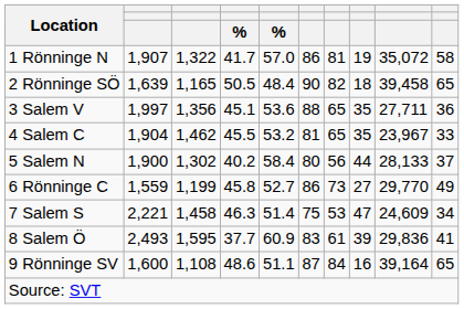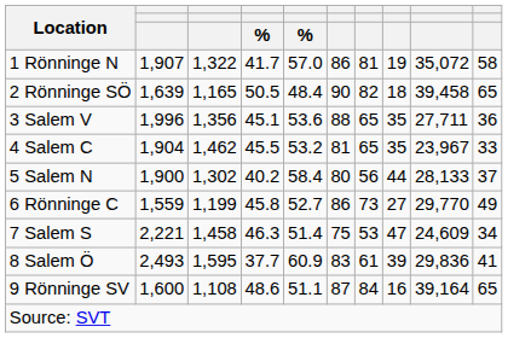 <table role="presentation" class="wikitable sortable mw-collapsible">
 <tr>
 <th rowspan="3">Location</th>
 <th></th>
 <th></th>
 <th></th>
 <th></th>
 <th></th>
 <th></th>
 <th></th>
 <th></th>
 <th></th>
 </tr>
 <tr>
 <th></th>
 <th></th>
 <th style="background:"></th>
 <th style="background:"></th>
 <th></th>
 <th></th>
 <th></th>
 <th></th>
 <th></th>
 </tr>
 <tr>
 <th data-sort-type="number"></th>
 <th data-sort-type="number"></th>
 <th data-sort-type="number">%</th>
 <th data-sort-type="number">%</th>
 <th data-sort-type="number"></th>
 <th data-sort-type="number"></th>
 <th data-sort-type="number"></th>
 <th data-sort-type="number"></th>
 <th data-sort-type="number"></th>
 </tr>
 <tr>
 <td align="left">1 Rönninge N</td>
 <td>1,907</td>
 <td>1,322</td>
 <td>41.7</td>
 <td>57.0</td>
 <td>86</td>
 <td>81</td>
 <td>19</td>
 <td>35,072</td>
 <td>58</td>
 </tr>
 <tr>
 <td align="left">2 Rönninge SÖ</td>
 <td>1,639</td>
 <td>1,165</td>
 <td>50.5</td>
 <td>48.4</td>
 <td>90</td>
 <td>82</td>
 <td>18</td>
 <td>39,458</td>
 <td>65</td>
 </tr>
 <tr>
 <td align="left">3 Salem V</td>
-<td>1,997</td>
+<td>1,996</td>
 <td>1,356</td>
 <td>45.1</td>
 <td>53.6</td>
 <td>88</td>
 <td>65</td>
 <td>35</td>
 <td>27,711</td>
 <td>36</td>
 </tr>
 <tr>
 <td align="left">4 Salem C</td>
 <td>1,904</td>
 <td>1,462</td>
 <td>45.5</td>
 <td>53.2</td>
 <td>81</td>
 <td>65</td>
 <td>35</td>
 <td>23,967</td>
 <td>33</td>
 </tr>
 <tr>
 <td align="left">5 Salem N</td>
 <td>1,900</td>
 <td>1,302</td>
 <td>40.2</td>
 <td>58.4</td>
 <td>80</td>
 <td>56</td>
 <td>44</td>
 <td>28,133</td>
 <td>37</td>
 </tr>
 <tr>
 <td align="left">6 Rönninge C</td>
 <td>1,559</td>
 <td>1,199</td>
 <td>45.8</td>
 <td>52.7</td>
 <td>86</td>
 <td>73</td>
 <td>27</td>
 <td>29,770</td>
 <td>49</td>
 </tr>
 <tr>
 <td align="left">7 Salem S</td>
 <td>2,221</td>
 <td>1,458</td>
 <td>46.3</td>
 <td>51.4</td>
 <td>75</td>
 <td>53</td>
 <td>47</td>
 <td>24,609</td>
 <td>34</td>
 </tr>
 <tr>
 <td align="left">8 Salem Ö</td>
 <td>2,493</td>
 <td>1,595</td>
 <td>37.7</td>
 <td>60.9</td>
 <td>83</td>
 <td>61</td>
 <td>39</td>
 <td>29,836</td>
 <td>41</td>
 </tr>
 <tr>
 <td align="left">9 Rönninge SV</td>
 <td>1,600</td>
 <td>1,108</td>
 <td>48.6</td>
 <td>51.1</td>
 <td>87</td>
 <td>84</td>
 <td>16</td>
 <td>39,164</td>
 <td>65</td>
 </tr>
 <tr>
 <td colspan="10" align="left">Source: <a href='#'>SVT</a></td>
 </tr>
 </table>
